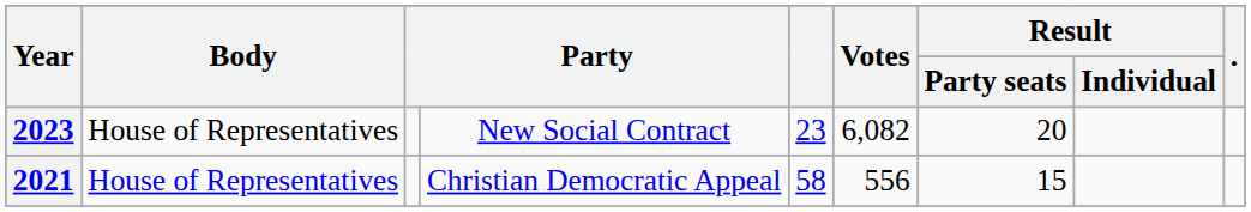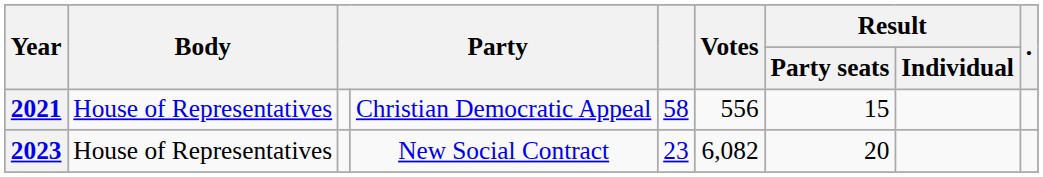 <table class="wikitable plainrowheaders sortable" border=2 cellpadding=4 cellspacing=0 style="border: 1px #aaa solid; font-size: 90%; text-align:center;">
 <tr>
 <th scope="col" rowspan=2>Year</th>
 <th scope="col" rowspan=2>Body</th>
 <th scope="col" colspan=2 rowspan=2>Party</th>
 <th scope="col" rowspan=2></th>
 <th scope="col" rowspan=2>Votes</th>
 <th scope="colgroup" colspan=2>Result</th>
 <th scope="col" rowspan=2 class="unsortable">.</th>
 </tr>
 <tr>
 <th scope="col">Party seats</th>
 <th scope="col">Individual</th>
 </tr>
 <tr>
+<th scope="row"><a href='#'>2021</a></th>
+<td><a href='#'>House of Representatives</a></td>
+<td style="background-color:"></td>
+<td><a href='#'>Christian Democratic Appeal</a></td>
+<td style=text-align:right><a href='#'>58</a></td>
+<td style=text-align:right>556</td>
+<td style=text-align:right>15</td>
+<td></td>
+<td></td>
+</tr>
+<tr>
 <th scope="row"><a href='#'>2023</a></th>
 <td>House of Representatives</td>
 <td style="background-color:"></td>
 <td><a href='#'>New Social Contract</a></td>
 <td style=text-align:right><a href='#'>23</a></td>
 <td style=text-align:right>6,082</td>
 <td style=text-align:right>20</td>
 <td></td>
 <td></td>
 </tr>
-<tr>
-<th scope="row"><a href='#'>2021</a></th>
-<td><a href='#'>House of Representatives</a></td>
-<td style="background-color:"></td>
-<td><a href='#'>Christian Democratic Appeal</a></td>
-<td style=text-align:right><a href='#'>58</a></td>
-<td style=text-align:right>556</td>
-<td style=text-align:right>15</td>
-<td></td>
-<td></td>
-</tr>
 </table>
